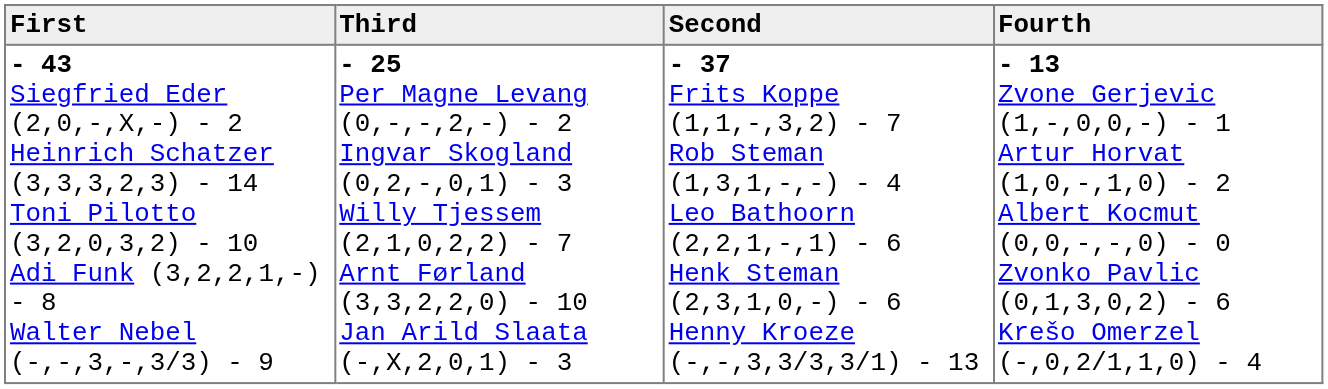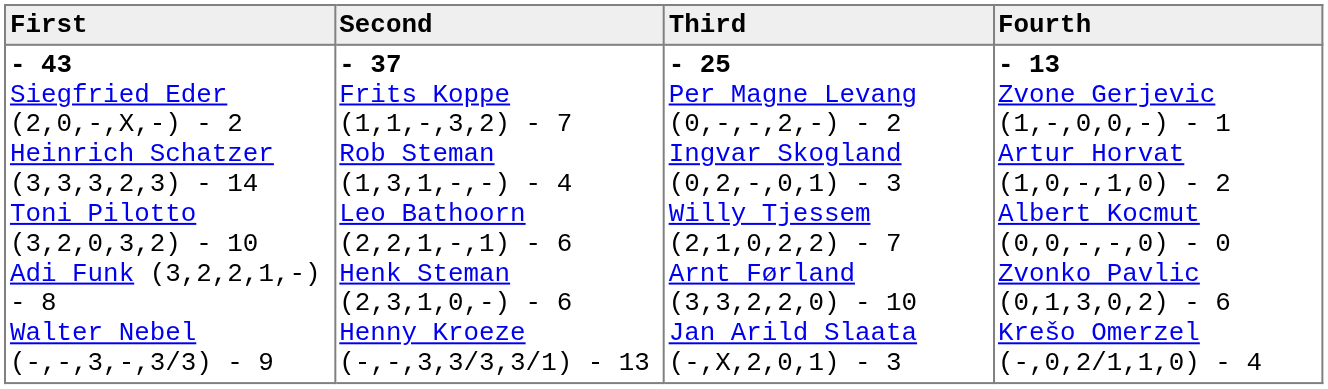 <table border=1 cellpadding=2 cellspacing=0 width=75% style="border-collapse:collapse">
 <tr align=left style="background:#efefef;">
 <th width=20%>First</th>
+<th width=20%>Second</th>
 <th width=20%>Third</th>
-<th width=20%>Second</th>
 <th width=20%>Fourth</th>
 </tr>
 <tr align=left>
 <td valign=top><strong> - 43</strong><br><a href='#'>Siegfried Eder</a> (2,0,-,X,-) - 2 <br><a href='#'>Heinrich Schatzer</a> (3,3,3,2,3) - 14 <br><a href='#'>Toni Pilotto</a> (3,2,0,3,2) - 10 <br><a href='#'>Adi Funk</a> (3,2,2,1,-) - 8<br><a href='#'>Walter Nebel</a> (-,-,3,-,3/3) - 9</td>
+<td valign=top><strong> - 37</strong><br><a href='#'>Frits Koppe</a> (1,1,-,3,2) - 7 <br><a href='#'>Rob Steman</a> (1,3,1,-,-) - 4 <br><a href='#'>Leo Bathoorn</a> (2,2,1,-,1) - 6 <br><a href='#'>Henk Steman</a> (2,3,1,0,-) - 6 <br><a href='#'>Henny Kroeze</a> (-,-,3,3/3,3/1) - 13</td>
 <td valign=top><strong> - 25</strong><br><a href='#'>Per Magne Levang</a> (0,-,-,2,-) - 2 <br><a href='#'>Ingvar Skogland</a> (0,2,-,0,1) - 3<br><a href='#'>Willy Tjessem</a> (2,1,0,2,2) - 7 <br><a href='#'>Arnt Førland</a> (3,3,2,2,0) - 10 <br><a href='#'>Jan Arild Slaata</a> (-,X,2,0,1) - 3</td>
-<td valign=top><strong> - 37</strong><br><a href='#'>Frits Koppe</a> (1,1,-,3,2) - 7 <br><a href='#'>Rob Steman</a> (1,3,1,-,-) - 4 <br><a href='#'>Leo Bathoorn</a> (2,2,1,-,1) - 6 <br><a href='#'>Henk Steman</a> (2,3,1,0,-) - 6 <br><a href='#'>Henny Kroeze</a> (-,-,3,3/3,3/1) - 13</td>
 <td valign=top><strong> - 13</strong><br><a href='#'>Zvone Gerjevic</a> (1,-,0,0,-) - 1 <br><a href='#'>Artur Horvat</a> (1,0,-,1,0) - 2 <br><a href='#'>Albert Kocmut</a> (0,0,-,-,0) - 0 <br><a href='#'>Zvonko Pavlic</a> (0,1,3,0,2) - 6 <br><a href='#'>Krešo Omerzel</a> (-,0,2/1,1,0) - 4</td>
 </tr>
 </table>
